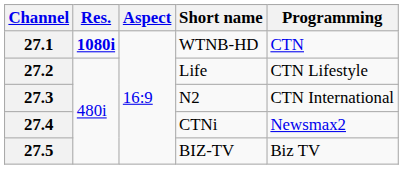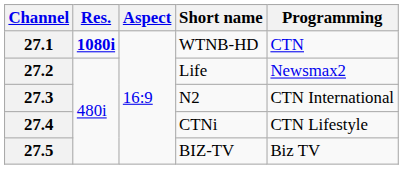 <table class="wikitable">
 <tr>
 <th scope = "col"><a href='#'>Channel</a></th>
 <th scope = "col"><a href='#'>Res.</a></th>
 <th scope = "col"><a href='#'>Aspect</a></th>
 <th scope = "col">Short name</th>
 <th scope = "col">Programming</th>
 </tr>
 <tr>
 <th scope = "row">27.1</th>
 <td><strong><a href='#'>1080i</a></strong></td>
 <td rowspan="5"><a href='#'>16:9</a></td>
 <td>WTNB-HD</td>
 <td><a href='#'>CTN</a></td>
 </tr>
 <tr>
 <th scope="row">27.2</th>
 <td rowspan="4"><a href='#'>480i</a></td>
 <td>Life</td>
-<td>CTN Lifestyle</td>
+<td><a href='#'>Newsmax2</a></td>
 </tr>
 <tr>
 <th scope="row">27.3</th>
 <td>N2</td>
 <td>CTN International</td>
 </tr>
 <tr>
 <th scope="row">27.4</th>
 <td>CTNi</td>
-<td><a href='#'>Newsmax2</a></td>
+<td>CTN Lifestyle</td>
 </tr>
 <tr>
 <th scope="row">27.5</th>
 <td>BIZ-TV</td>
 <td>Biz TV</td>
 </tr>
 </table>
